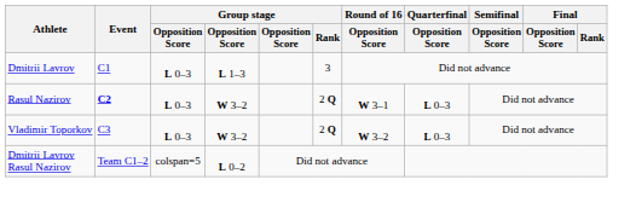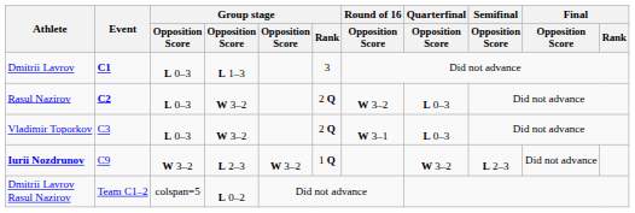 <table class="wikitable" style="text-align:center; font-size:90%">
 <tr>
 <th rowspan=2>Athlete</th>
 <th rowspan=2>Event</th>
 <th colspan=4>Group stage</th>
 <th>Round of 16</th>
 <th>Quarterfinal</th>
 <th>Semifinal</th>
 <th colspan=2>Final</th>
 </tr>
 <tr style="font-size:95%">
 <th>Opposition<br>Score</th>
 <th>Opposition<br>Score</th>
 <th>Opposition<br>Score</th>
 <th>Rank</th>
 <th>Opposition<br>Score</th>
 <th>Opposition<br>Score</th>
 <th>Opposition<br>Score</th>
 <th>Opposition<br>Score</th>
 <th>Rank</th>
 </tr>
 <tr>
 <td align=left><a href='#'>Dmitrii Lavrov</a></td>
-<td align=left><a href='#'>C1</a></td>
+<td align=left><strong><a href='#'>C1</a></strong></td>
 <td><br><strong>L</strong> 0–3</td>
 <td><br><strong>L</strong> 1–3</td>
 <td></td>
 <td>3</td>
 <td colspan=5>Did not advance</td>
 </tr>
 <tr>
 <td align=left><a href='#'>Rasul Nazirov</a></td>
 <td align=left><strong><a href='#'>C2</a></strong></td>
 <td><br><strong>L</strong> 0–3</td>
 <td><br><strong>W</strong> 3–2</td>
 <td></td>
 <td>2 <strong>Q</strong></td>
-<td><br><strong>W</strong> 3–1</td>
+<td><br><strong>W</strong> 3–2</td>
 <td><br><strong>L</strong> 0–3</td>
 <td colspan=3>Did not advance</td>
 </tr>
 <tr>
 <td align=left><a href='#'>Vladimir Toporkov</a></td>
 <td align=left><a href='#'>C3</a></td>
 <td><br><strong>L</strong> 0–3</td>
 <td><br><strong>W</strong> 3–2</td>
 <td></td>
 <td>2 <strong>Q</strong></td>
-<td><br><strong>W</strong> 3–2</td>
+<td><br><strong>W</strong> 3–1</td>
 <td><br><strong>L</strong> 0–3</td>
 <td colspan=3>Did not advance</td>
+</tr>
+<tr>
+<td align=left><strong><a href='#'>Iurii Nozdrunov</a></strong></td>
+<td align=left><a href='#'>C9</a></td>
+<td><br><strong>W</strong> 3–2</td>
+<td><br><strong>L</strong> 2–3</td>
+<td><br><strong>W</strong> 3–2</td>
+<td>1 <strong>Q</strong></td>
+<td></td>
+<td><br><strong>W</strong> 3–2</td>
+<td><br><strong>L</strong> 2–3</td>
+<td>Did not advance</td>
+<td></td>
 </tr>
 <tr>
 <td align=left><a href='#'>Dmitrii Lavrov</a><br><a href='#'>Rasul Nazirov</a></td>
 <td align=left><a href='#'>Team C1–2</a></td>
 <td>colspan=5 </td>
 <td><br><strong>L</strong> 0–2</td>
 <td colspan=3>Did not advance</td>
 </tr>
 </table>
